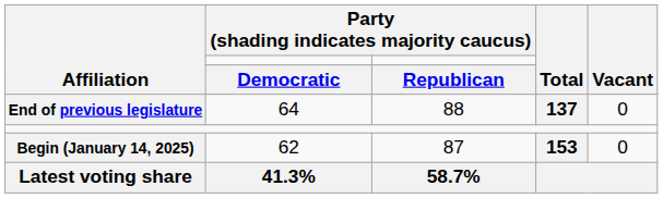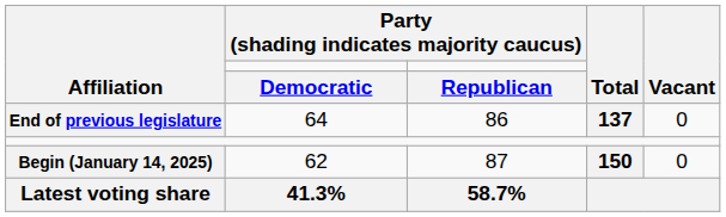 <table class=wikitable style="text-align:center">
 <tr style="vertical-align:bottom">
 <th rowspan=3>Affiliation</th>
 <th colspan=2>Party<div>(shading indicates majority caucus)</div></th>
 <th rowspan=3>Total</th>
 <th rowspan=3>Vacant</th>
 </tr>
 <tr style="height:5px">
 <td style="background-color:"></td>
 <td style="background-color:"></td>
 </tr>
 <tr>
 <th><a href='#'>Democratic</a></th>
 <th><a href='#'>Republican</a></th>
 </tr>
 <tr>
 <th style="font-size:80%">End of <a href='#'>previous legislature</a></th>
 <td>64</td>
-<td>88</td>
+<td>86</td>
 <th>137</th>
 <td>0</td>
 </tr>
 <tr>
 <td colspan=6></td>
 </tr>
 <tr>
 <th style="font-size:80%">Begin (January 14, 2025)</th>
 <td>62</td>
 <td>87</td>
-<th>153</th>
+<th>150</th>
 <td>0</td>
 </tr>
 <tr>
 <th>Latest voting share</th>
 <th>41.3%</th>
 <th>58.7%</th>
 <th colspan=2> </th>
 </tr>
 </table>
